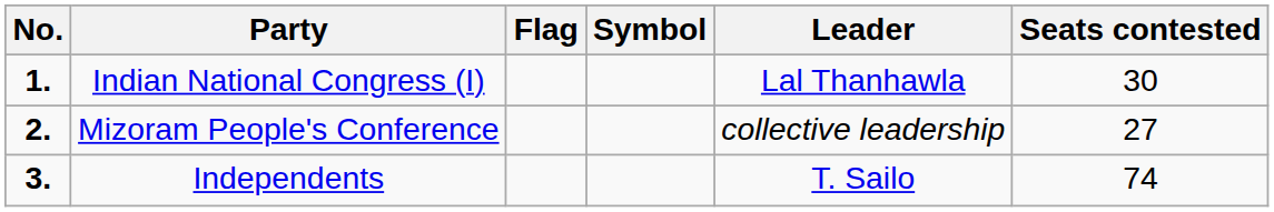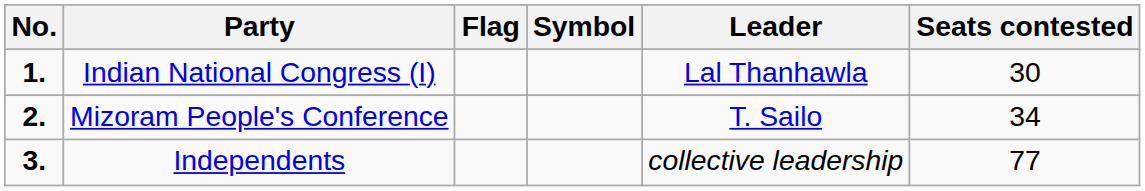 <table class="wikitable">
 <tr>
 <th>No.</th>
 <th>Party</th>
 <th>Flag</th>
 <th>Symbol</th>
 <th>Leader</th>
 <th>Seats contested</th>
 </tr>
 <tr>
 <td ! style="text-align:center; background:"><strong>1.</strong></td>
 <td style="text-align:center"><a href='#'>Indian National Congress (I)</a></td>
 <td></td>
 <td></td>
 <td style="text-align:center"><a href='#'>Lal Thanhawla</a></td>
 <td style="text-align:center">30</td>
 </tr>
 <tr>
 <td ! style="text-align:center; background:"><strong>2.</strong></td>
 <td style="text-align:center"><a href='#'>Mizoram People's Conference</a></td>
 <td></td>
 <td></td>
-<td style="text-align:center"><em>collective leadership</em></td>
-<td style="text-align:center">27</td>
+<td style="text-align:center"><a href='#'>T. Sailo</a></td>
+<td style="text-align:center">34</td>
 </tr>
 <tr>
 <td ! style="text-align:center; background:"><strong>3.</strong></td>
 <td style="text-align:center"><a href='#'>Independents</a></td>
 <td></td>
 <td></td>
-<td style="text-align:center"><a href='#'>T. Sailo</a></td>
-<td style="text-align:center">74</td>
+<td style="text-align:center"><em>collective leadership</em></td>
+<td style="text-align:center">77</td>
 </tr>
 </table>
